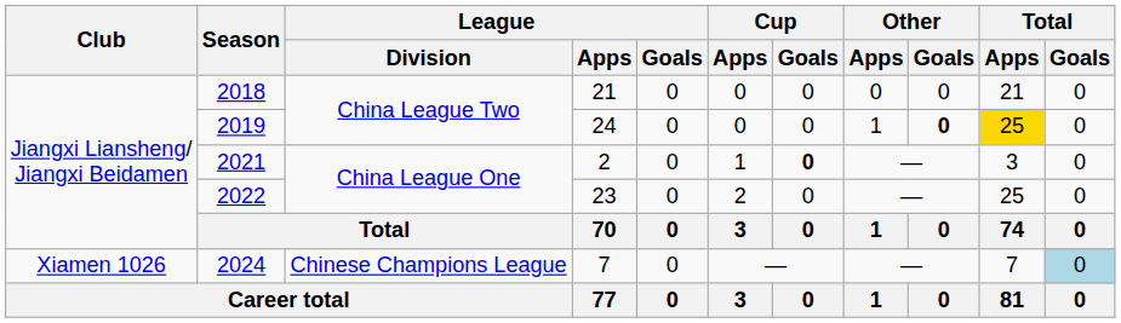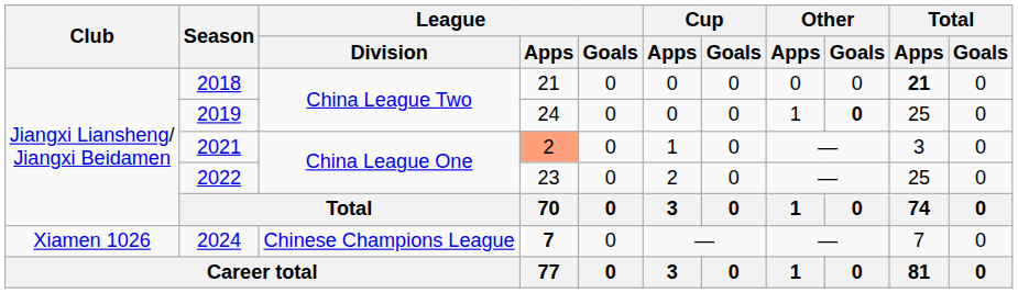 <table class="wikitable" style="text-align: center">
 <tr>
 <th rowspan="2">Club</th>
 <th rowspan="2">Season</th>
 <th colspan="3">League</th>
 <th colspan="2">Cup</th>
 <th colspan="2">Other</th>
 <th colspan="2">Total</th>
 </tr>
 <tr>
 <th>Division</th>
 <th>Apps</th>
 <th>Goals</th>
 <th>Apps</th>
 <th>Goals</th>
 <th>Apps</th>
 <th>Goals</th>
 <th>Apps</th>
 <th>Goals</th>
 </tr>
 <tr>
 <td rowspan="5"><a href='#'>Jiangxi Liansheng</a>/<br><a href='#'>Jiangxi Beidamen</a></td>
 <td><a href='#'>2018</a></td>
 <td rowspan="2"><a href='#'>China League Two</a></td>
 <td>21</td>
 <td>0</td>
 <td>0</td>
 <td>0</td>
 <td>0</td>
 <td>0</td>
-<td>21</td>
+<td><strong>21</strong></td>
 <td>0</td>
 </tr>
 <tr>
 <td><a href='#'>2019</a></td>
 <td>24</td>
 <td>0</td>
 <td>0</td>
 <td>0</td>
 <td>1</td>
 <td><strong>0</strong></td>
-<td style="background: gold;">25</td>
+<td>25</td>
 <td>0</td>
 </tr>
 <tr>
 <td><a href='#'>2021</a></td>
 <td rowspan="2"><a href='#'>China League One</a></td>
-<td>2</td>
+<td style="background: lightsalmon;">2</td>
 <td>0</td>
 <td>1</td>
-<td><strong>0</strong></td>
+<td>0</td>
 <td colspan="2">—</td>
 <td>3</td>
 <td>0</td>
 </tr>
 <tr>
 <td><a href='#'>2022</a></td>
 <td>23</td>
 <td>0</td>
 <td>2</td>
 <td>0</td>
 <td colspan="2">—</td>
 <td>25</td>
 <td>0</td>
 </tr>
 <tr>
 <th colspan=2>Total</th>
 <th>70</th>
 <th>0</th>
 <th>3</th>
 <th>0</th>
 <th>1</th>
 <th>0</th>
 <th>74</th>
 <th>0</th>
 </tr>
 <tr>
 <td><a href='#'>Xiamen 1026</a></td>
 <td><a href='#'>2024</a></td>
 <td><a href='#'>Chinese Champions League</a></td>
-<td>7</td>
+<td><strong>7</strong></td>
 <td>0</td>
 <td colspan="2">—</td>
 <td colspan="2">—</td>
 <td>7</td>
-<td style="background: lightblue;">0</td>
+<td>0</td>
 </tr>
 <tr>
 <th colspan=3>Career total</th>
 <th>77</th>
 <th>0</th>
 <th>3</th>
 <th>0</th>
 <th>1</th>
 <th>0</th>
 <th>81</th>
 <th>0</th>
 </tr>
 </table>
